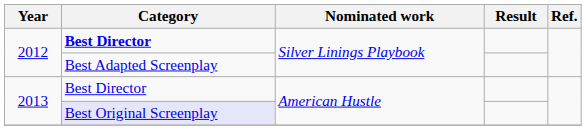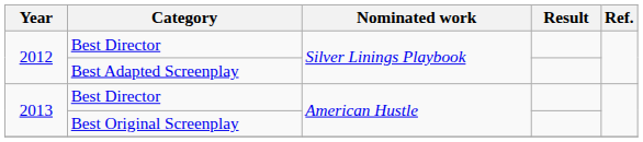 <table class=wikitable>
 <tr>
 <th scope="col" style="width:5em;">Year</th>
 <th scope="col" style="width:26em;">Category</th>
 <th scope="col" style="width:25em;">Nominated work</th>
 <th scope="col" style="width:5em;">Result</th>
 <th>Ref.</th>
 </tr>
 <tr>
 <td style="text-align:center;", rowspan=2><a href='#'>2012</a></td>
-<td><strong><a href='#'>Best Director</a></strong></td>
+<td><a href='#'>Best Director</a></td>
 <td rowspan=2><em><a href='#'>Silver Linings Playbook</a></em></td>
 <td></td>
 <td rowspan=2></td>
 </tr>
 <tr>
 <td><a href='#'>Best Adapted Screenplay</a></td>
 <td></td>
 </tr>
 <tr>
 <td style="text-align:center;", rowspan=2><a href='#'>2013</a></td>
 <td><a href='#'>Best Director</a></td>
 <td rowspan=2><em><a href='#'>American Hustle</a></em></td>
 <td></td>
 <td rowspan=2></td>
 </tr>
 <tr>
-<td style="background: lavender;"><a href='#'>Best Original Screenplay</a></td>
+<td><a href='#'>Best Original Screenplay</a></td>
 <td></td>
 </tr>
 <tr>
 </tr>
 </table>
